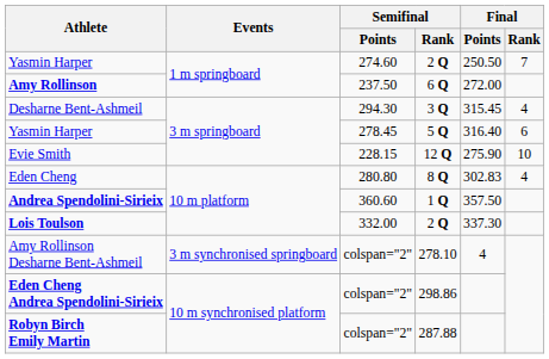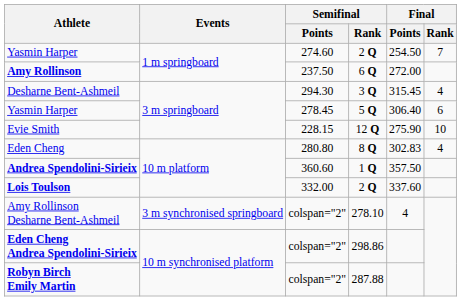 <table class=wikitable style="font-size:90%">
 <tr>
 <th rowspan="2">Athlete</th>
 <th rowspan="2">Events</th>
 <th colspan="2">Semifinal</th>
 <th colspan="2">Final</th>
 </tr>
 <tr>
 <th>Points</th>
 <th>Rank</th>
 <th>Points</th>
 <th>Rank</th>
 </tr>
 <tr align=center>
 <td align=left><a href='#'>Yasmin Harper</a></td>
 <td align=left rowspan=2><a href='#'>1 m springboard</a></td>
 <td>274.60</td>
 <td>2 <strong>Q</strong></td>
-<td>250.50</td>
+<td>254.50</td>
 <td>7</td>
 </tr>
 <tr align=center>
 <td align=left><strong><a href='#'>Amy Rollinson</a></strong></td>
 <td>237.50</td>
 <td>6 <strong>Q</strong></td>
 <td>272.00</td>
 <td></td>
 </tr>
 <tr align=center>
 <td align=left><a href='#'>Desharne Bent-Ashmeil</a></td>
 <td align=left rowspan=3><a href='#'>3 m springboard</a></td>
 <td>294.30</td>
 <td>3 <strong>Q</strong></td>
 <td>315.45</td>
 <td>4</td>
 </tr>
 <tr align=center>
 <td align=left><a href='#'>Yasmin Harper</a></td>
 <td>278.45</td>
 <td>5 <strong>Q</strong></td>
-<td>316.40</td>
+<td>306.40</td>
 <td>6</td>
 </tr>
 <tr align=center>
 <td align=left><a href='#'>Evie Smith</a></td>
 <td>228.15</td>
 <td>12 <strong>Q</strong></td>
 <td>275.90</td>
 <td>10</td>
 </tr>
 <tr align=center>
 <td align=left><a href='#'>Eden Cheng</a></td>
 <td align=left rowspan=3><a href='#'>10 m platform</a></td>
 <td>280.80</td>
 <td>8 <strong>Q</strong></td>
 <td>302.83</td>
 <td>4</td>
 </tr>
 <tr align=center>
 <td align=left><strong><a href='#'>Andrea Spendolini-Sirieix</a></strong></td>
 <td>360.60</td>
 <td>1 <strong>Q</strong></td>
 <td>357.50</td>
 <td></td>
 </tr>
 <tr align=center>
 <td align=left><strong><a href='#'>Lois Toulson</a></strong></td>
 <td>332.00</td>
 <td>2 <strong>Q</strong></td>
-<td>337.30</td>
+<td>337.60</td>
 <td></td>
 </tr>
 <tr align=center>
 <td align=left><a href='#'>Amy Rollinson</a><br><a href='#'>Desharne Bent-Ashmeil</a></td>
 <td align=left><a href='#'>3 m synchronised springboard</a></td>
 <td>colspan="2" </td>
 <td>278.10</td>
 <td>4</td>
 </tr>
 <tr align=center>
 <td align=left><strong><a href='#'>Eden Cheng</a></strong><br><strong><a href='#'>Andrea Spendolini-Sirieix</a></strong></td>
 <td align=left rowspan=2><a href='#'>10 m synchronised platform</a></td>
 <td>colspan="2" </td>
 <td>298.86</td>
 <td></td>
 </tr>
 <tr align=center>
 <td align=left><strong><a href='#'>Robyn Birch</a></strong><br><strong><a href='#'>Emily Martin</a></strong></td>
 <td>colspan="2" </td>
 <td>287.88</td>
 <td></td>
 </tr>
 </table>
